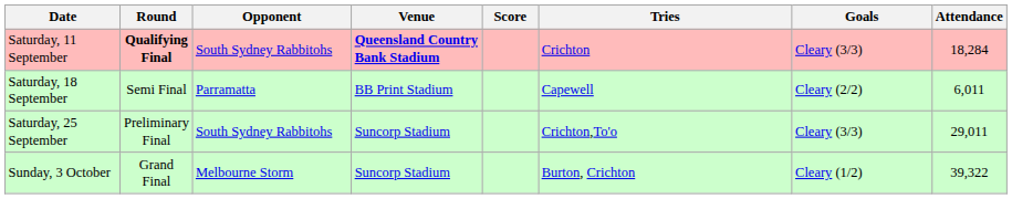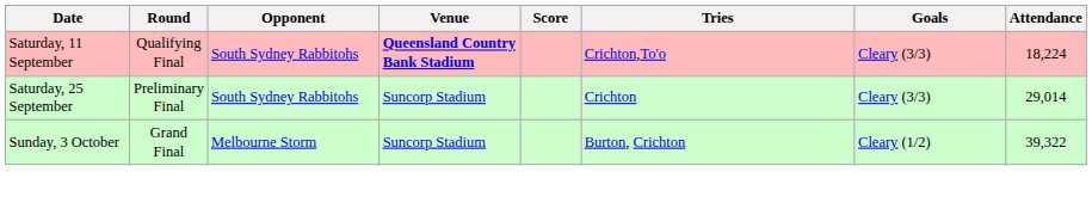 <table class="wikitable" style="font-size:75%;">
 <tr>
 <th style="width:115px;">Date</th>
 <th style="width:50px;">Round</th>
 <th style="width:170px;">Opponent</th>
 <th style="width:130px;">Venue</th>
 <th style="width:50px;">Score</th>
 <th style="width:285px;">Tries</th>
 <th style="width:155px;">Goals</th>
 <th style="width:60px;">Attendance</th>
 </tr>
 <tr style="background:#FFBBBB">
 <td>Saturday, 11 September</td>
-<td style="text-align:center;"><strong>Qualifying Final</strong></td>
+<td style="text-align:center;">Qualifying Final</td>
 <td> <a href='#'>South Sydney Rabbitohs</a></td>
 <td><strong><a href='#'>Queensland Country Bank Stadium</a></strong></td>
 <td style="text-align:center;"></td>
-<td><a href='#'>Crichton</a></td>
+<td><a href='#'>Crichton</a>,<a href='#'>To'o</a></td>
 <td><a href='#'>Cleary</a> (3/3)</td>
-<td style="text-align:center;">18,284</td>
-</tr>
-<tr style="background:#CCFFCC">
-<td>Saturday, 18 September</td>
-<td style="text-align:center;">Semi Final</td>
-<td> <a href='#'>Parramatta</a></td>
-<td><a href='#'>BB Print Stadium</a></td>
-<td style="text-align:center;"></td>
-<td><a href='#'>Capewell</a></td>
-<td><a href='#'>Cleary</a> (2/2)</td>
-<td style="text-align:center;">6,011</td>
+<td style="text-align:center;">18,224</td>
 </tr>
 <tr style="background:#CCFFCC">
 <td>Saturday, 25 September</td>
 <td style="text-align:center;">Preliminary Final</td>
 <td> <a href='#'>South Sydney Rabbitohs</a></td>
 <td><a href='#'>Suncorp Stadium</a></td>
 <td style="text-align:center;"></td>
-<td><a href='#'>Crichton</a>,<a href='#'>To'o</a></td>
+<td><a href='#'>Crichton</a></td>
 <td><a href='#'>Cleary</a> (3/3)</td>
-<td style="text-align:center;">29,011</td>
+<td style="text-align:center;">29,014</td>
 </tr>
 <tr style="background:#CCFFCC">
 <td>Sunday, 3 October</td>
 <td style="text-align:center;">Grand Final</td>
 <td> <a href='#'>Melbourne Storm</a></td>
 <td><a href='#'>Suncorp Stadium</a></td>
 <td style="text-align:center;"></td>
 <td><a href='#'>Burton</a>, <a href='#'>Crichton</a></td>
 <td><a href='#'>Cleary</a> (1/2)</td>
 <td style="text-align:center;">39,322</td>
 </tr>
 </table>
